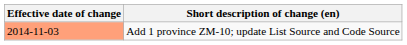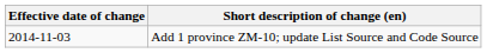 <table class="wikitable">
 <tr>
 <th>Effective date of change</th>
 <th>Short description of change (en)</th>
 </tr>
 <tr>
-<td style="background: lightsalmon;">2014-11-03</td>
+<td>2014-11-03</td>
 <td>Add 1 province ZM-10; update List Source and Code Source</td>
 </tr>
 </table>
